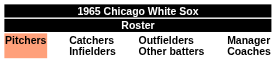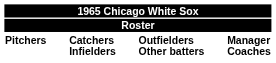 <table class="toccolours" style="font-size: 95%;">
 <tr>
 <th colspan="10" style="background-color: black; color: white; text-align: center;">1965 Chicago White Sox</th>
 </tr>
 <tr>
 <td colspan="10" style="background-color:black; color: white; text-align: center;"><strong>Roster</strong></td>
 </tr>
 <tr>
-<td valign="top" style="background: lightsalmon;"><strong>Pitchers</strong><br>           </td>
+<td valign="top"><strong>Pitchers</strong><br>           </td>
 <td width="25px"></td>
 <td valign="top"><strong>Catchers</strong><br>     <strong>Infielders</strong>       </td>
 <td width="25px"></td>
 <td valign="top"><strong>Outfielders</strong><br>       <strong>Other batters</strong>   </td>
 <td width="25px"></td>
 <td valign="top"><strong>Manager</strong><br> <strong>Coaches</strong>    </td>
 </tr>
 </table>
